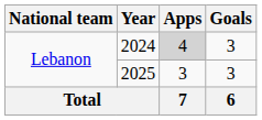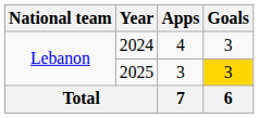 <table class="wikitable" style="text-align:center">
 <tr>
 <th>National team</th>
 <th>Year</th>
 <th>Apps</th>
 <th>Goals</th>
 </tr>
 <tr>
 <td rowspan="2"><a href='#'>Lebanon</a></td>
 <td>2024</td>
-<td style="background: lightgrey;">4</td>
+<td>4</td>
 <td>3</td>
 </tr>
 <tr>
 <td>2025</td>
 <td>3</td>
-<td>3</td>
+<td style="background: gold;">3</td>
 </tr>
 <tr>
 <th colspan="2">Total</th>
 <th>7</th>
 <th>6</th>
 </tr>
 </table>
